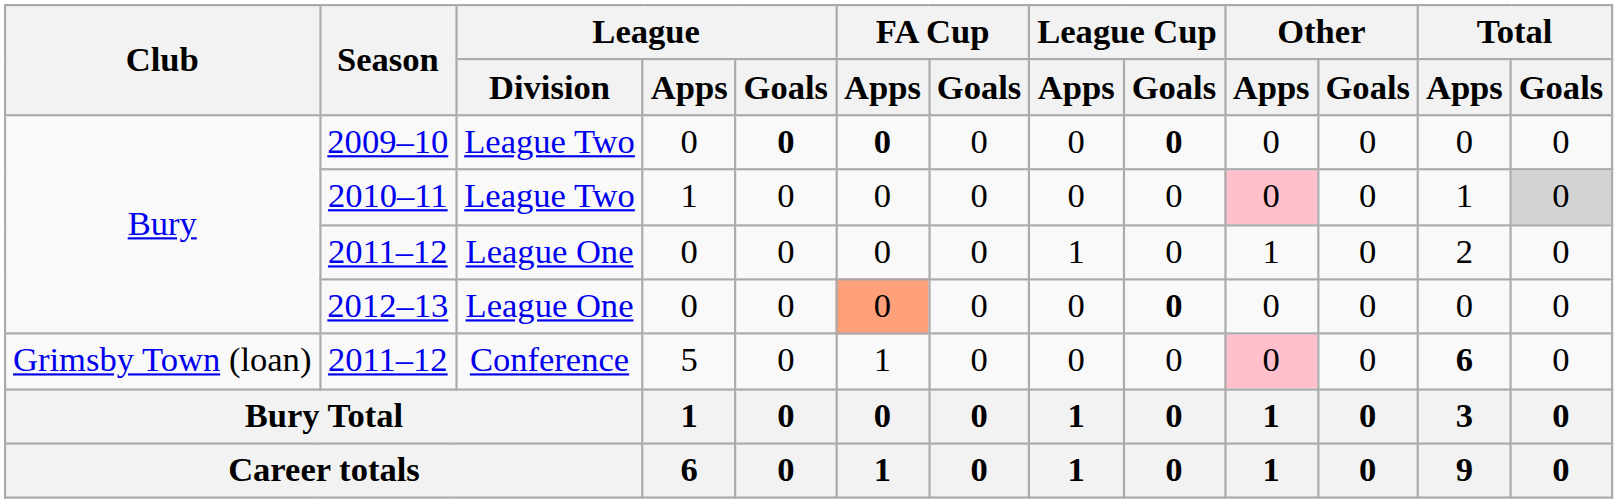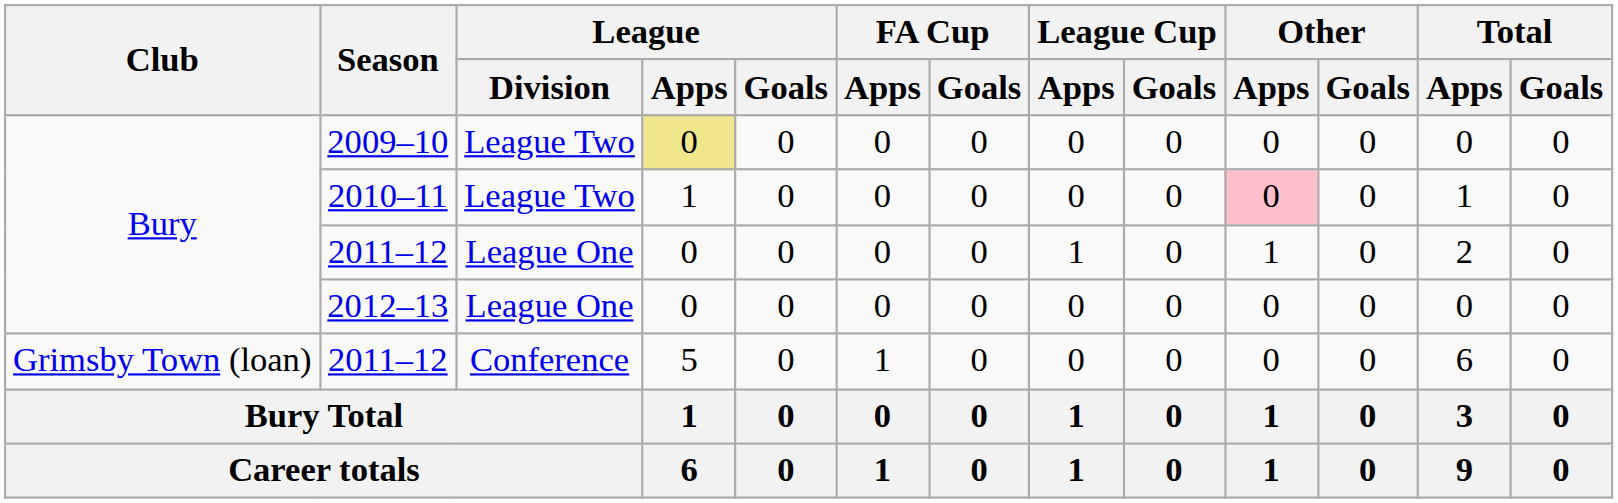 <table class="wikitable" style="text-align: center;">
 <tr>
 <th rowspan="2">Club</th>
 <th rowspan="2">Season</th>
 <th colspan="3">League</th>
 <th colspan="2">FA Cup</th>
 <th colspan="2">League Cup</th>
 <th colspan="2">Other</th>
 <th colspan="2">Total</th>
 </tr>
 <tr>
 <th>Division</th>
 <th>Apps</th>
 <th>Goals</th>
 <th>Apps</th>
 <th>Goals</th>
 <th>Apps</th>
 <th>Goals</th>
 <th>Apps</th>
 <th>Goals</th>
 <th>Apps</th>
 <th>Goals</th>
 </tr>
 <tr>
 <td rowspan="4" valign="center"><a href='#'>Bury</a></td>
 <td><a href='#'>2009–10</a></td>
 <td><a href='#'>League Two</a></td>
-<td>0</td>
-<td><strong>0</strong></td>
-<td><strong>0</strong></td>
+<td style="background: khaki;">0</td>
 <td>0</td>
 <td>0</td>
-<td><strong>0</strong></td>
+<td>0</td>
+<td>0</td>
+<td>0</td>
 <td>0</td>
 <td>0</td>
 <td>0</td>
 <td>0</td>
 </tr>
 <tr>
 <td><a href='#'>2010–11</a></td>
 <td><a href='#'>League Two</a></td>
 <td>1</td>
 <td>0</td>
 <td>0</td>
 <td>0</td>
 <td>0</td>
 <td>0</td>
 <td style="background: pink;">0</td>
 <td>0</td>
 <td>1</td>
-<td style="background: lightgrey;">0</td>
+<td>0</td>
 </tr>
 <tr>
 <td><a href='#'>2011–12</a></td>
 <td><a href='#'>League One</a></td>
 <td>0</td>
 <td>0</td>
 <td>0</td>
 <td>0</td>
 <td>1</td>
 <td>0</td>
 <td>1</td>
 <td>0</td>
 <td>2</td>
 <td>0</td>
 </tr>
 <tr>
 <td><a href='#'>2012–13</a></td>
 <td><a href='#'>League One</a></td>
 <td>0</td>
 <td>0</td>
-<td style="background: lightsalmon;">0</td>
 <td>0</td>
 <td>0</td>
-<td><strong>0</strong></td>
+<td>0</td>
+<td>0</td>
 <td>0</td>
 <td>0</td>
 <td>0</td>
 <td>0</td>
 </tr>
 <tr>
 <td rowspan="1" valign="center"><a href='#'>Grimsby Town</a> (loan)</td>
 <td><a href='#'>2011–12</a></td>
 <td><a href='#'>Conference</a></td>
 <td>5</td>
 <td>0</td>
 <td>1</td>
 <td>0</td>
 <td>0</td>
 <td>0</td>
-<td style="background: pink;">0</td>
 <td>0</td>
-<td><strong>6</strong></td>
+<td>0</td>
+<td>6</td>
 <td>0</td>
 </tr>
 <tr>
 <th colspan="3">Bury Total</th>
 <th>1</th>
 <th>0</th>
 <th>0</th>
 <th>0</th>
 <th>1</th>
 <th>0</th>
 <th>1</th>
 <th>0</th>
 <th>3</th>
 <th>0</th>
 </tr>
 <tr>
 <th colspan="3">Career totals</th>
 <th>6</th>
 <th>0</th>
 <th>1</th>
 <th>0</th>
 <th>1</th>
 <th>0</th>
 <th>1</th>
 <th>0</th>
 <th>9</th>
 <th>0</th>
 </tr>
 </table>
